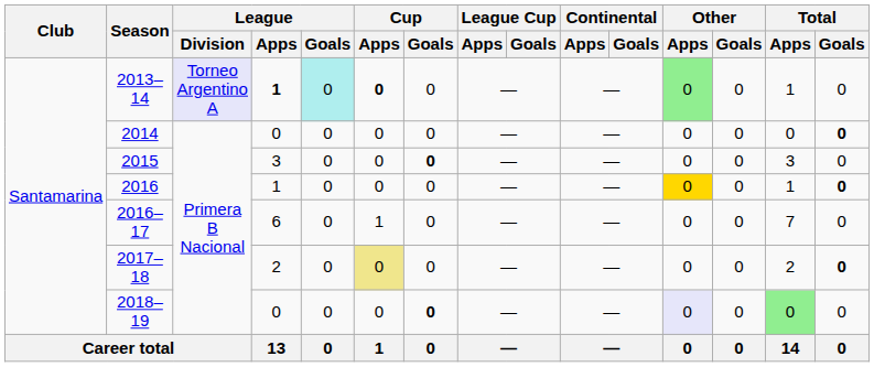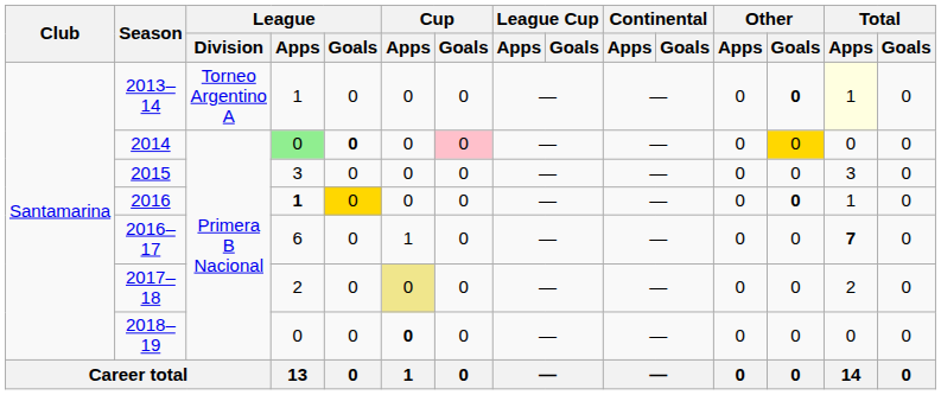 <table class="wikitable" style="text-align:center">
 <tr>
 <th rowspan="2">Club</th>
 <th rowspan="2">Season</th>
 <th colspan="3">League</th>
 <th colspan="2">Cup</th>
 <th colspan="2">League Cup</th>
 <th colspan="2">Continental</th>
 <th colspan="2">Other</th>
 <th colspan="2">Total</th>
 </tr>
 <tr>
 <th>Division</th>
 <th>Apps</th>
 <th>Goals</th>
 <th>Apps</th>
 <th>Goals</th>
 <th>Apps</th>
 <th>Goals</th>
 <th>Apps</th>
 <th>Goals</th>
 <th>Apps</th>
 <th>Goals</th>
 <th>Apps</th>
 <th>Goals</th>
 </tr>
 <tr>
 <td rowspan="7"><a href='#'>Santamarina</a></td>
 <td><a href='#'>2013–14</a></td>
-<td rowspan="1" style="background: lavender;"><a href='#'>Torneo Argentino A</a></td>
-<td><strong>1</strong></td>
-<td style="background: paleturquoise;">0</td>
-<td><strong>0</strong></td>
-<td>0</td>
-<td colspan="2">—</td>
-<td colspan="2">—</td>
-<td style="background: lightgreen;">0</td>
-<td>0</td>
+<td rowspan="1"><a href='#'>Torneo Argentino A</a></td>
 <td>1</td>
-<td>0</td>
-</tr>
-<tr>
-<td><a href='#'>2014</a></td>
-<td rowspan="6"><a href='#'>Primera B Nacional</a></td>
-<td>0</td>
 <td>0</td>
 <td>0</td>
 <td>0</td>
 <td colspan="2">—</td>
 <td colspan="2">—</td>
 <td>0</td>
+<td><strong>0</strong></td>
+<td style="background: lightyellow;">1</td>
+<td>0</td>
+</tr>
+<tr>
+<td><a href='#'>2014</a></td>
+<td rowspan="6"><a href='#'>Primera B Nacional</a></td>
+<td style="background: lightgreen;">0</td>
+<td><strong>0</strong></td>
+<td>0</td>
+<td style="background: pink;">0</td>
+<td colspan="2">—</td>
+<td colspan="2">—</td>
+<td>0</td>
+<td style="background: gold;">0</td>
 <td>0</td>
 <td>0</td>
-<td><strong>0</strong></td>
 </tr>
 <tr>
 <td><a href='#'>2015</a></td>
 <td>3</td>
 <td>0</td>
 <td>0</td>
-<td><strong>0</strong></td>
+<td>0</td>
 <td colspan="2">—</td>
 <td colspan="2">—</td>
 <td>0</td>
 <td>0</td>
 <td>3</td>
 <td>0</td>
 </tr>
 <tr>
 <td><a href='#'>2016</a></td>
-<td>1</td>
-<td>0</td>
+<td><strong>1</strong></td>
+<td style="background: gold;">0</td>
 <td>0</td>
 <td>0</td>
 <td colspan="2">—</td>
 <td colspan="2">—</td>
-<td style="background: gold;">0</td>
 <td>0</td>
+<td><strong>0</strong></td>
 <td>1</td>
-<td><strong>0</strong></td>
+<td>0</td>
 </tr>
 <tr>
 <td><a href='#'>2016–17</a></td>
 <td>6</td>
 <td>0</td>
 <td>1</td>
 <td>0</td>
 <td colspan="2">—</td>
 <td colspan="2">—</td>
 <td>0</td>
 <td>0</td>
-<td>7</td>
+<td><strong>7</strong></td>
 <td>0</td>
 </tr>
 <tr>
 <td><a href='#'>2017–18</a></td>
 <td>2</td>
 <td>0</td>
 <td style="background: khaki;">0</td>
 <td>0</td>
 <td colspan="2">—</td>
 <td colspan="2">—</td>
 <td>0</td>
 <td>0</td>
 <td>2</td>
-<td><strong>0</strong></td>
+<td>0</td>
 </tr>
 <tr>
 <td><a href='#'>2018–19</a></td>
 <td>0</td>
 <td>0</td>
+<td><strong>0</strong></td>
 <td>0</td>
-<td><strong>0</strong></td>
 <td colspan="2">—</td>
 <td colspan="2">—</td>
-<td style="background: lavender;">0</td>
 <td>0</td>
-<td style="background: lightgreen;">0</td>
+<td>0</td>
+<td>0</td>
 <td>0</td>
 </tr>
 <tr>
 <th colspan="3">Career total</th>
 <th>13</th>
 <th>0</th>
 <th>1</th>
 <th>0</th>
 <th colspan="2">—</th>
 <th colspan="2">—</th>
 <th>0</th>
 <th>0</th>
 <th>14</th>
 <th>0</th>
 </tr>
 </table>
